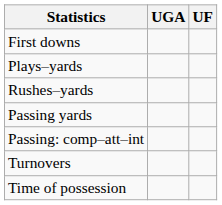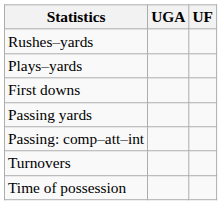 <table class="wikitable" style="float:left">
 <tr>
 <th>Statistics</th>
 <th>UGA</th>
 <th>UF</th>
 </tr>
 <tr>
-<td>First downs</td>
+<td>Rushes–yards</td>
 <td></td>
 <td></td>
 </tr>
 <tr>
 <td>Plays–yards</td>
 <td></td>
 <td></td>
 </tr>
 <tr>
-<td>Rushes–yards</td>
+<td>First downs</td>
 <td></td>
 <td></td>
 </tr>
 <tr>
 <td>Passing yards</td>
 <td></td>
 <td></td>
 </tr>
 <tr>
 <td>Passing: comp–att–int</td>
 <td></td>
 <td></td>
 </tr>
 <tr>
 <td>Turnovers</td>
 <td></td>
 <td></td>
 </tr>
 <tr>
 <td>Time of possession</td>
 <td></td>
 <td></td>
 </tr>
 </table>
